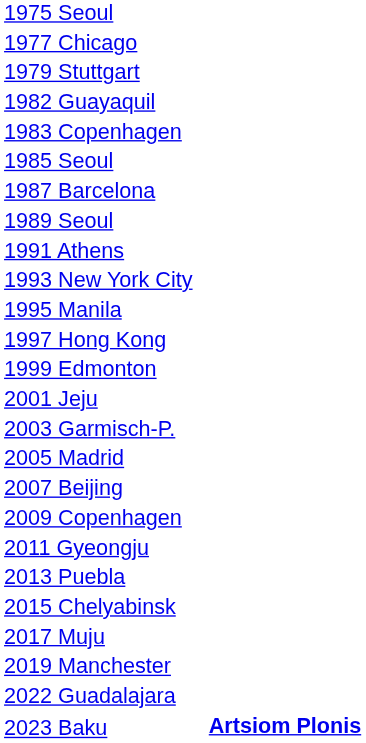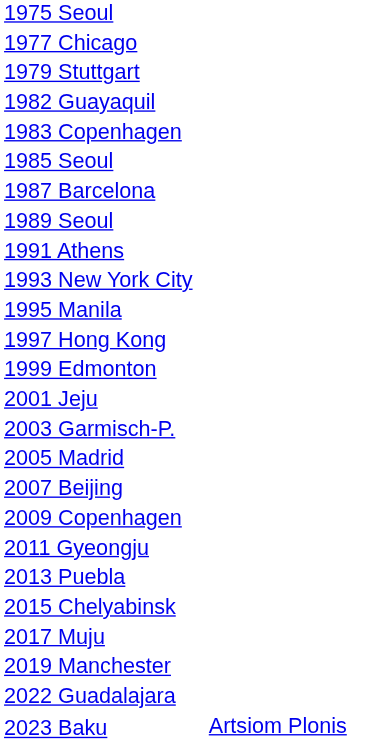 <table>
 <tr>
 <td rowspan=2><a href='#'>1975 Seoul</a></td>
 <td rowspan=2></td>
 <td rowspan=2></td>
 <td></td>
 </tr>
 <tr>
 <td></td>
 </tr>
 <tr>
 <td rowspan=2><a href='#'>1977 Chicago</a></td>
 <td rowspan=2></td>
 <td rowspan=2></td>
 <td></td>
 </tr>
 <tr>
 <td></td>
 </tr>
 <tr>
 <td rowspan=2><a href='#'>1979 Stuttgart</a></td>
 <td rowspan=2></td>
 <td rowspan=2></td>
 <td></td>
 </tr>
 <tr>
 <td></td>
 </tr>
 <tr>
 <td rowspan=2><a href='#'>1982 Guayaquil</a></td>
 <td rowspan=2></td>
 <td rowspan=2></td>
 <td></td>
 </tr>
 <tr>
 <td></td>
 </tr>
 <tr>
 <td rowspan=2><a href='#'>1983 Copenhagen</a></td>
 <td rowspan=2></td>
 <td rowspan=2></td>
 <td></td>
 </tr>
 <tr>
 <td></td>
 </tr>
 <tr>
 <td rowspan=2><a href='#'>1985 Seoul</a></td>
 <td rowspan=2></td>
 <td rowspan=2></td>
 <td></td>
 </tr>
 <tr>
 <td></td>
 </tr>
 <tr>
 <td rowspan=2><a href='#'>1987 Barcelona</a></td>
 <td rowspan=2></td>
 <td rowspan=2></td>
 <td></td>
 </tr>
 <tr>
 <td></td>
 </tr>
 <tr>
 <td rowspan=2><a href='#'>1989 Seoul</a></td>
 <td rowspan=2></td>
 <td rowspan=2></td>
 <td></td>
 </tr>
 <tr>
 <td></td>
 </tr>
 <tr>
 <td rowspan=2><a href='#'>1991 Athens</a></td>
 <td rowspan=2></td>
 <td rowspan=2></td>
 <td></td>
 </tr>
 <tr>
 <td></td>
 </tr>
 <tr>
 <td rowspan=2><a href='#'>1993 New York City</a></td>
 <td rowspan=2></td>
 <td rowspan=2></td>
 <td></td>
 </tr>
 <tr>
 <td></td>
 </tr>
 <tr>
 <td rowspan=2><a href='#'>1995 Manila</a></td>
 <td rowspan=2></td>
 <td rowspan=2></td>
 <td></td>
 </tr>
 <tr>
 <td></td>
 </tr>
 <tr>
 <td rowspan=2><a href='#'>1997 Hong Kong</a></td>
 <td rowspan=2></td>
 <td rowspan=2></td>
 <td></td>
 </tr>
 <tr>
 <td></td>
 </tr>
 <tr>
 <td rowspan=2><a href='#'>1999 Edmonton</a></td>
 <td rowspan=2></td>
 <td rowspan=2></td>
 <td></td>
 </tr>
 <tr>
 <td></td>
 </tr>
 <tr>
 <td rowspan=2><a href='#'>2001 Jeju</a></td>
 <td rowspan=2></td>
 <td rowspan=2></td>
 <td></td>
 </tr>
 <tr>
 <td></td>
 </tr>
 <tr>
 <td rowspan=2><a href='#'>2003 Garmisch-P.</a></td>
 <td rowspan=2></td>
 <td rowspan=2></td>
 <td></td>
 </tr>
 <tr>
 <td></td>
 </tr>
 <tr>
 <td rowspan=2><a href='#'>2005 Madrid</a></td>
 <td rowspan=2></td>
 <td rowspan=2></td>
 <td></td>
 </tr>
 <tr>
 <td></td>
 </tr>
 <tr>
 <td rowspan=2><a href='#'>2007 Beijing</a></td>
 <td rowspan=2></td>
 <td rowspan=2></td>
 <td></td>
 </tr>
 <tr>
 <td></td>
 </tr>
 <tr>
 <td rowspan=2><a href='#'>2009 Copenhagen</a></td>
 <td rowspan=2></td>
 <td rowspan=2></td>
 <td></td>
 </tr>
 <tr>
 <td></td>
 </tr>
 <tr>
 <td rowspan=2><a href='#'>2011 Gyeongju</a></td>
 <td rowspan=2></td>
 <td rowspan=2></td>
 <td></td>
 </tr>
 <tr>
 <td></td>
 </tr>
 <tr>
 <td rowspan=2><a href='#'>2013 Puebla</a></td>
 <td rowspan=2></td>
 <td rowspan=2></td>
 <td></td>
 </tr>
 <tr>
 <td></td>
 </tr>
 <tr>
 <td rowspan=2><a href='#'>2015 Chelyabinsk</a></td>
 <td rowspan=2></td>
 <td rowspan=2></td>
 <td></td>
 </tr>
 <tr>
 <td></td>
 </tr>
 <tr>
 <td rowspan=2><a href='#'>2017 Muju</a></td>
 <td rowspan=2></td>
 <td rowspan=2></td>
 <td></td>
 </tr>
 <tr>
 <td></td>
 </tr>
 <tr>
 <td rowspan=2><a href='#'>2019 Manchester</a></td>
 <td rowspan=2></td>
 <td rowspan=2></td>
 <td></td>
 </tr>
 <tr>
 <td></td>
 </tr>
 <tr>
 <td rowspan=2><a href='#'>2022 Guadalajara</a></td>
 <td rowspan=2></td>
 <td rowspan=2></td>
 <td></td>
 </tr>
 <tr>
 <td></td>
 </tr>
 <tr>
 <td rowspan=2><a href='#'>2023 Baku</a></td>
 <td rowspan=2></td>
 <td rowspan=2></td>
-<td><strong> <a href='#'>Artsiom Plonis</a> </strong></td>
+<td> <a href='#'>Artsiom Plonis</a> </td>
 </tr>
 <tr>
 <td></td>
 </tr>
 </table>
